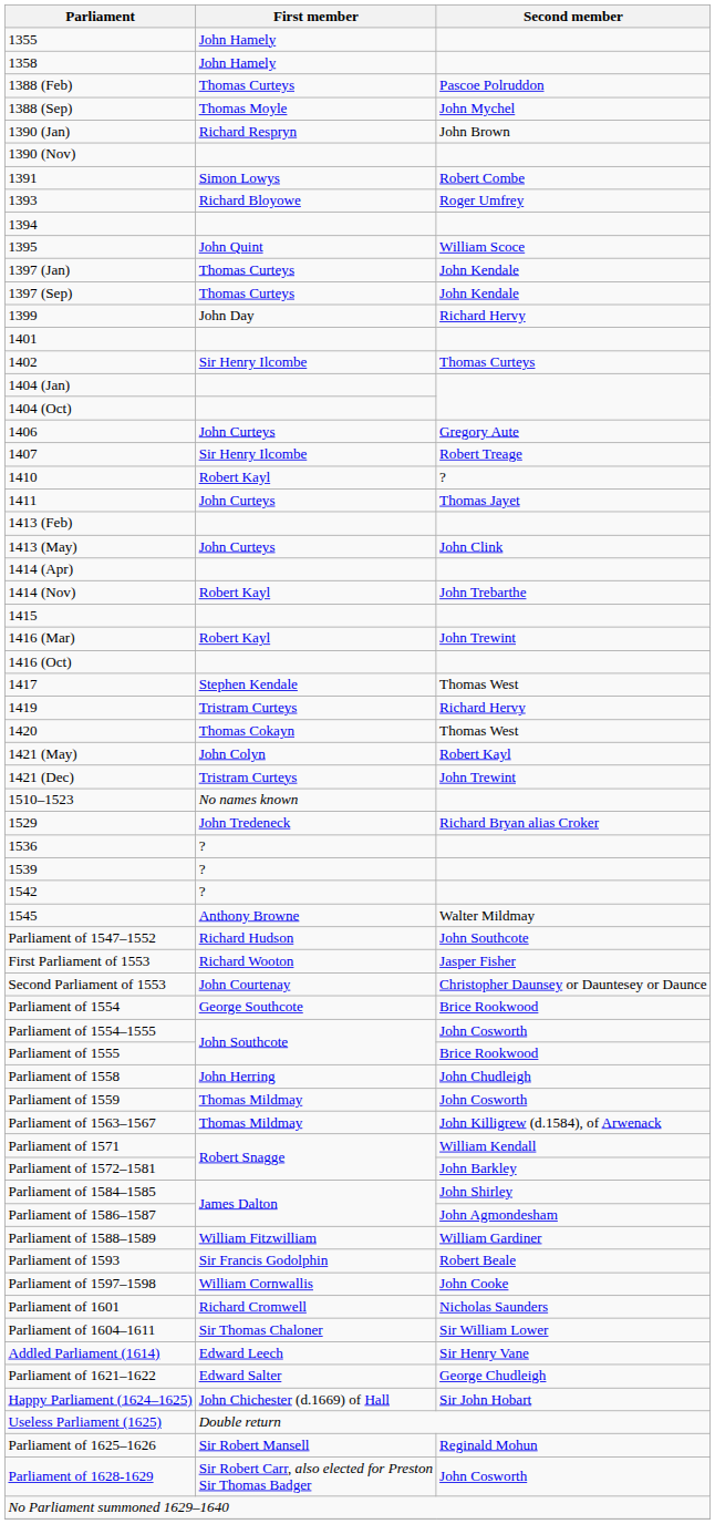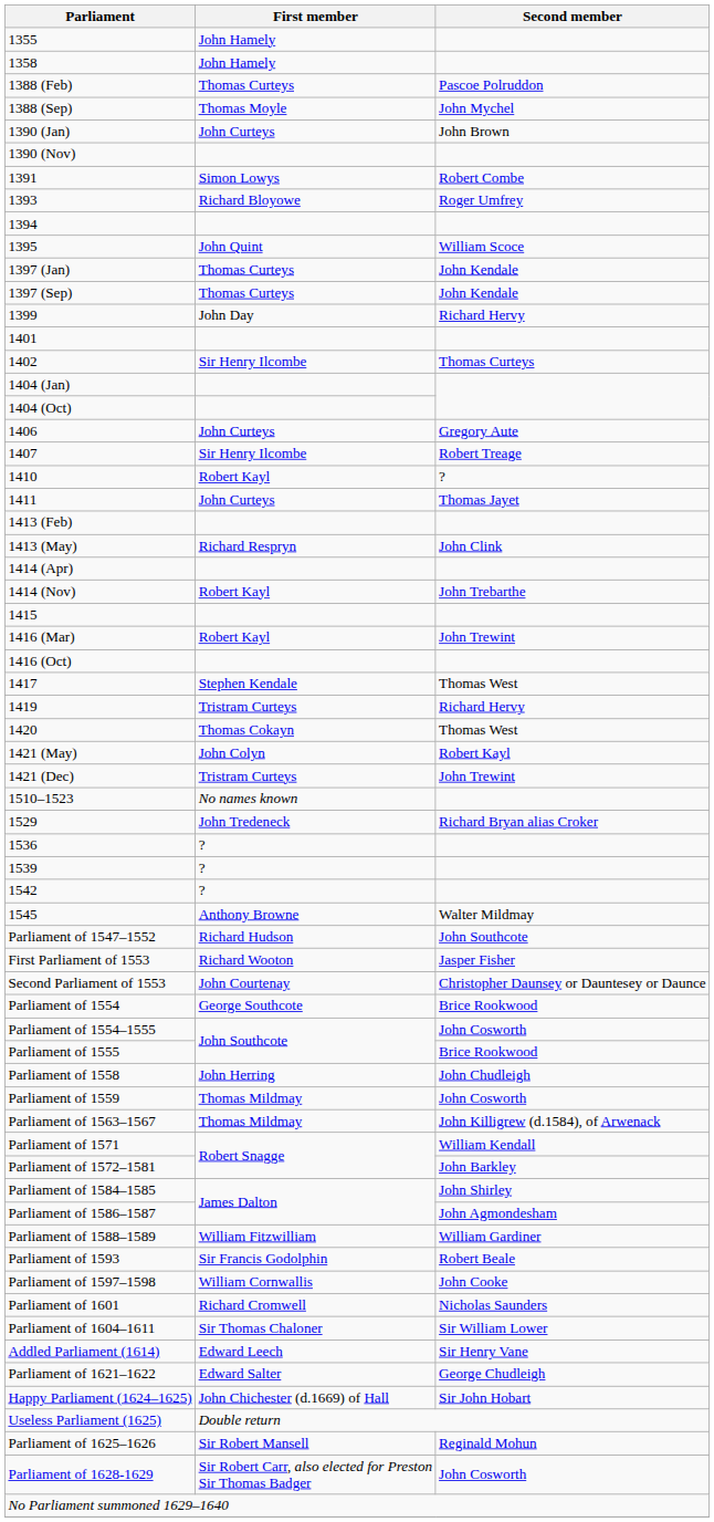 <table class="wikitable">
 <tr>
 <th>Parliament</th>
 <th>First member</th>
 <th>Second member</th>
 </tr>
 <tr>
 <td>1355</td>
 <td><a href='#'>John Hamely</a></td>
 <td></td>
 </tr>
 <tr>
 <td>1358</td>
 <td><a href='#'>John Hamely</a></td>
 </tr>
 <tr>
 <td>1388 (Feb)</td>
 <td><a href='#'>Thomas Curteys</a></td>
 <td><a href='#'>Pascoe Polruddon</a></td>
 </tr>
 <tr>
 <td>1388 (Sep)</td>
 <td><a href='#'>Thomas Moyle</a></td>
 <td><a href='#'>John Mychel</a></td>
 </tr>
 <tr>
 <td>1390 (Jan)</td>
-<td><a href='#'>Richard Respryn</a></td>
+<td><a href='#'>John Curteys</a></td>
 <td>John Brown</td>
 </tr>
 <tr>
 <td>1390 (Nov)</td>
 <td></td>
 </tr>
 <tr>
 <td>1391</td>
 <td><a href='#'>Simon Lowys</a></td>
 <td><a href='#'>Robert Combe</a></td>
 </tr>
 <tr>
 <td>1393</td>
 <td><a href='#'>Richard Bloyowe</a></td>
 <td><a href='#'>Roger Umfrey</a></td>
 </tr>
 <tr>
 <td>1394</td>
 <td></td>
 </tr>
 <tr>
 <td>1395</td>
 <td><a href='#'>John Quint</a></td>
 <td><a href='#'>William Scoce</a></td>
 </tr>
 <tr>
 <td>1397 (Jan)</td>
 <td><a href='#'>Thomas Curteys</a></td>
 <td><a href='#'>John Kendale</a></td>
 </tr>
 <tr>
 <td>1397 (Sep)</td>
 <td><a href='#'>Thomas Curteys</a></td>
 <td><a href='#'>John Kendale</a></td>
 </tr>
 <tr>
 <td>1399</td>
 <td>John Day</td>
 <td><a href='#'>Richard Hervy</a></td>
 </tr>
 <tr>
 <td>1401</td>
 <td></td>
 </tr>
 <tr>
 <td>1402</td>
 <td><a href='#'>Sir Henry Ilcombe</a></td>
 <td><a href='#'>Thomas Curteys</a></td>
 </tr>
 <tr>
 <td>1404 (Jan)</td>
 <td></td>
 </tr>
 <tr>
 <td>1404 (Oct)</td>
 <td></td>
 </tr>
 <tr>
 <td>1406</td>
 <td><a href='#'>John Curteys</a></td>
 <td><a href='#'>Gregory Aute</a></td>
 </tr>
 <tr>
 <td>1407</td>
 <td><a href='#'>Sir Henry Ilcombe</a></td>
 <td><a href='#'>Robert Treage</a></td>
 </tr>
 <tr>
 <td>1410</td>
 <td><a href='#'>Robert Kayl</a></td>
 <td>?</td>
 </tr>
 <tr>
 <td>1411</td>
 <td><a href='#'>John Curteys</a></td>
 <td><a href='#'>Thomas Jayet</a></td>
 </tr>
 <tr>
 <td>1413 (Feb)</td>
 <td></td>
 </tr>
 <tr>
 <td>1413 (May)</td>
-<td><a href='#'>John Curteys</a></td>
+<td><a href='#'>Richard Respryn</a></td>
 <td><a href='#'>John Clink</a></td>
 </tr>
 <tr>
 <td>1414 (Apr)</td>
 <td></td>
 </tr>
 <tr>
 <td>1414 (Nov)</td>
 <td><a href='#'>Robert Kayl</a></td>
 <td><a href='#'>John Trebarthe</a></td>
 </tr>
 <tr>
 <td>1415</td>
 <td></td>
 </tr>
 <tr>
 <td>1416 (Mar)</td>
 <td><a href='#'>Robert Kayl</a></td>
 <td><a href='#'>John Trewint</a></td>
 </tr>
 <tr>
 <td>1416 (Oct)</td>
 <td></td>
 </tr>
 <tr>
 <td>1417</td>
 <td><a href='#'>Stephen Kendale</a></td>
 <td>Thomas West</td>
 </tr>
 <tr>
 <td>1419</td>
 <td><a href='#'>Tristram Curteys</a></td>
 <td><a href='#'>Richard Hervy</a></td>
 </tr>
 <tr>
 <td>1420</td>
 <td><a href='#'>Thomas Cokayn</a></td>
 <td>Thomas West</td>
 </tr>
 <tr>
 <td>1421 (May)</td>
 <td><a href='#'>John Colyn</a></td>
 <td><a href='#'>Robert Kayl</a></td>
 </tr>
 <tr>
 <td>1421 (Dec)</td>
 <td><a href='#'>Tristram Curteys</a></td>
 <td><a href='#'>John Trewint</a></td>
 </tr>
 <tr>
 <td>1510–1523</td>
 <td><em>No names known</em></td>
 </tr>
 <tr>
 <td>1529</td>
 <td><a href='#'>John Tredeneck</a></td>
 <td><a href='#'>Richard Bryan alias Croker</a></td>
 </tr>
 <tr>
 <td>1536</td>
 <td>?</td>
 <td></td>
 </tr>
 <tr>
 <td>1539</td>
 <td>?</td>
 <td></td>
 </tr>
 <tr>
 <td>1542</td>
 <td>?</td>
 <td></td>
 </tr>
 <tr>
 <td>1545</td>
 <td><a href='#'>Anthony Browne</a></td>
 <td>Walter Mildmay</td>
 </tr>
 <tr>
 <td>Parliament of 1547–1552</td>
 <td><a href='#'>Richard Hudson</a></td>
 <td><a href='#'>John Southcote</a></td>
 </tr>
 <tr>
 <td>First Parliament of 1553</td>
 <td><a href='#'>Richard Wooton</a></td>
 <td><a href='#'>Jasper Fisher</a></td>
 </tr>
 <tr>
 <td>Second Parliament of 1553</td>
 <td><a href='#'>John Courtenay</a></td>
 <td><a href='#'>Christopher Daunsey</a> or Dauntesey or Daunce</td>
 </tr>
 <tr>
 <td>Parliament of 1554</td>
 <td><a href='#'>George Southcote</a></td>
 <td><a href='#'>Brice Rookwood</a></td>
 </tr>
 <tr>
 <td>Parliament of 1554–1555</td>
 <td rowspan="2"><a href='#'>John Southcote</a></td>
 <td><a href='#'>John Cosworth</a></td>
 </tr>
 <tr>
 <td>Parliament of 1555</td>
 <td><a href='#'>Brice Rookwood</a></td>
 </tr>
 <tr>
 <td>Parliament of 1558</td>
 <td><a href='#'>John Herring</a></td>
 <td><a href='#'>John Chudleigh</a></td>
 </tr>
 <tr>
 <td>Parliament of 1559</td>
 <td><a href='#'>Thomas Mildmay</a></td>
 <td><a href='#'>John Cosworth</a></td>
 </tr>
 <tr>
 <td>Parliament of 1563–1567</td>
 <td><a href='#'>Thomas Mildmay</a></td>
 <td><a href='#'>John Killigrew</a> (d.1584), of <a href='#'>Arwenack</a></td>
 </tr>
 <tr>
 <td>Parliament of 1571</td>
 <td rowspan="2"><a href='#'>Robert Snagge</a></td>
 <td><a href='#'>William Kendall</a></td>
 </tr>
 <tr>
 <td>Parliament of 1572–1581</td>
 <td><a href='#'>John Barkley</a></td>
 </tr>
 <tr>
 <td>Parliament of 1584–1585</td>
 <td rowspan="2"><a href='#'>James Dalton</a></td>
 <td><a href='#'>John Shirley</a></td>
 </tr>
 <tr>
 <td>Parliament of 1586–1587</td>
 <td><a href='#'>John Agmondesham</a></td>
 </tr>
 <tr>
 <td>Parliament of 1588–1589</td>
 <td><a href='#'>William Fitzwilliam</a></td>
 <td><a href='#'>William Gardiner</a></td>
 </tr>
 <tr>
 <td>Parliament of 1593</td>
 <td><a href='#'>Sir Francis Godolphin</a></td>
 <td><a href='#'>Robert Beale</a></td>
 </tr>
 <tr>
 <td>Parliament of 1597–1598</td>
 <td><a href='#'>William Cornwallis</a></td>
 <td><a href='#'>John Cooke</a></td>
 </tr>
 <tr>
 <td>Parliament of 1601</td>
 <td><a href='#'>Richard Cromwell</a></td>
 <td><a href='#'>Nicholas Saunders</a></td>
 </tr>
 <tr>
 <td>Parliament of 1604–1611</td>
 <td><a href='#'>Sir Thomas Chaloner</a></td>
 <td><a href='#'>Sir William Lower</a></td>
 </tr>
 <tr>
 <td><a href='#'>Addled Parliament (1614)</a></td>
 <td><a href='#'>Edward Leech</a></td>
 <td><a href='#'>Sir Henry Vane</a></td>
 </tr>
 <tr>
 <td>Parliament of 1621–1622</td>
 <td><a href='#'>Edward Salter</a></td>
 <td><a href='#'>George Chudleigh</a></td>
 </tr>
 <tr>
 <td><a href='#'>Happy Parliament (1624–1625)</a></td>
 <td><a href='#'>John Chichester</a> (d.1669) of <a href='#'>Hall</a></td>
 <td><a href='#'>Sir John Hobart</a></td>
 </tr>
 <tr>
 <td><a href='#'>Useless Parliament (1625)</a></td>
 <td colspan="2"><em>Double return</em></td>
 </tr>
 <tr>
 <td>Parliament of 1625–1626</td>
 <td><a href='#'>Sir Robert Mansell</a></td>
 <td><a href='#'>Reginald Mohun</a></td>
 </tr>
 <tr>
 <td><a href='#'>Parliament of 1628-1629</a></td>
 <td><a href='#'>Sir Robert Carr</a>, <em>also elected for Preston</em><br><a href='#'>Sir Thomas Badger</a></td>
 <td><a href='#'>John Cosworth</a></td>
 </tr>
 <tr>
 <td colspan="4"><em>No Parliament summoned 1629–1640</em></td>
 </tr>
 <tr>
 </tr>
 </table>
